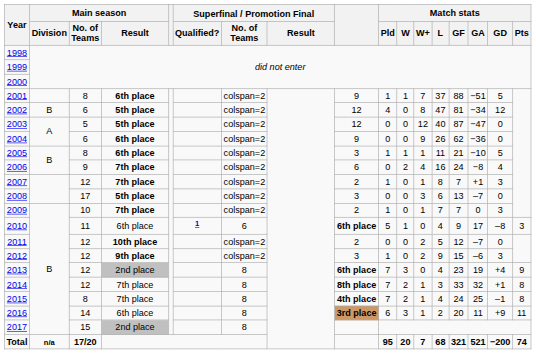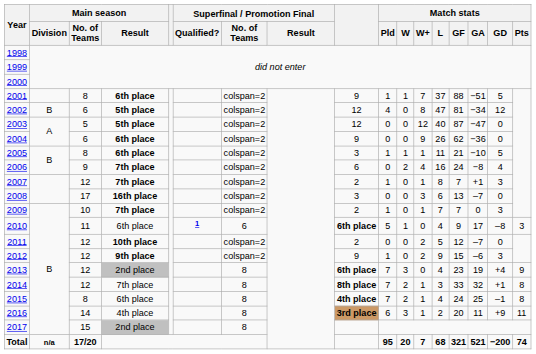 <table class="wikitable" style="text-align: center;font-size:90%; ">
 <tr>
 <th rowspan=2>Year</th>
 <th colspan=3>Main season</th>
 <th rowspan=2></th>
 <th colspan=3>Superfinal / Promotion Final<sup></sup></th>
 <th rowspan=2></th>
 <th colspan=8>Match stats</th>
 </tr>
 <tr>
 <th>Division</th>
 <th>No. of<br>Teams</th>
 <th width=100>Result</th>
 <th width=20>Qualified?</th>
 <th>No. of<br>Teams</th>
 <th width=100>Result</th>
 <th width=20>Pld</th>
 <th width=20>W</th>
 <th width=20>W+</th>
 <th width=20>L</th>
 <th width=20>GF</th>
 <th width=20>GA</th>
 <th width=20>GD</th>
 <th width=20>Pts</th>
 </tr>
 <tr>
 <td><a href='#'>1998</a></td>
 <td colspan=17 rowspan=3><em>did not enter</em></td>
 </tr>
 <tr>
 <td><a href='#'>1999</a></td>
 </tr>
 <tr>
 <td><a href='#'>2000</a></td>
 </tr>
 <tr>
 <td><a href='#'>2001</a></td>
 <td></td>
 <td>8</td>
 <td><strong>6th place</strong></td>
 <td rowspan=17></td>
 <td></td>
 <td>colspan=2 </td>
 <td rowspan=18></td>
 <td>9</td>
 <td>1</td>
 <td>1</td>
 <td>7</td>
 <td>37</td>
 <td>88</td>
 <td>−51</td>
 <td>5</td>
 </tr>
 <tr>
 <td><a href='#'>2002</a></td>
 <td>B</td>
 <td>6</td>
 <td><strong>5th place</strong></td>
 <td></td>
 <td>colspan=2 </td>
 <td>12</td>
 <td>4</td>
 <td>0</td>
 <td>8</td>
 <td>47</td>
 <td>81</td>
 <td>−34</td>
 <td>12</td>
 </tr>
 <tr>
 <td><a href='#'>2003</a></td>
 <td rowspan=2>A</td>
 <td>5</td>
 <td><strong>5th place</strong></td>
 <td></td>
 <td>colspan=2 </td>
 <td>12</td>
 <td>0</td>
 <td>0</td>
 <td>12</td>
 <td>40</td>
 <td>87</td>
 <td>−47</td>
 <td>0</td>
 </tr>
 <tr>
 <td><a href='#'>2004</a></td>
 <td>6</td>
 <td><strong>6th place</strong></td>
 <td></td>
 <td>colspan=2 </td>
 <td>9</td>
 <td>0</td>
 <td>0</td>
 <td>9</td>
 <td>26</td>
 <td>62</td>
 <td>−36</td>
 <td>0</td>
 </tr>
 <tr>
 <td><a href='#'>2005</a></td>
 <td rowspan=2>B</td>
 <td>8</td>
 <td><strong>6th place</strong></td>
 <td></td>
 <td>colspan=2 </td>
 <td>3</td>
 <td>1</td>
 <td>1</td>
 <td>1</td>
 <td>11</td>
 <td>21</td>
 <td>−10</td>
 <td>5</td>
 </tr>
 <tr>
 <td><a href='#'>2006</a></td>
 <td>9</td>
 <td><strong>7th place</strong></td>
 <td></td>
 <td>colspan=2 </td>
 <td>6</td>
 <td>0</td>
 <td>2</td>
 <td>4</td>
 <td>16</td>
 <td>24</td>
 <td>−8</td>
 <td>4</td>
 </tr>
 <tr>
 <td><a href='#'>2007</a></td>
 <td rowspan=2></td>
 <td>12</td>
 <td><strong>7th place</strong></td>
 <td></td>
 <td>colspan=2 </td>
 <td>2</td>
 <td>1</td>
 <td>0</td>
 <td>1</td>
 <td>8</td>
 <td>7</td>
 <td>+1</td>
 <td>3</td>
 </tr>
 <tr>
 <td><a href='#'>2008</a></td>
 <td>17</td>
-<td><strong>5th place</strong></td>
+<td><strong>16th place</strong></td>
 <td></td>
 <td>colspan=2 </td>
 <td>3</td>
 <td>0</td>
 <td>0</td>
 <td>3</td>
 <td>6</td>
 <td>13</td>
 <td>–7</td>
 <td>0</td>
 </tr>
 <tr>
 <td><a href='#'>2009</a></td>
 <td rowspan=9>B</td>
 <td>10</td>
 <td><strong>7th place</strong></td>
 <td></td>
 <td>colspan=2 </td>
 <td>2</td>
 <td>1</td>
 <td>0</td>
 <td>1</td>
 <td>7</td>
 <td>7</td>
 <td>0</td>
 <td>3</td>
 </tr>
 <tr>
 <td><a href='#'>2010</a></td>
 <td>11</td>
 <td>6th place</td>
 <td><sup><strong><a href='#'>1</a></strong></sup></td>
 <td>6</td>
 <td><strong>6th place</strong></td>
 <td>5</td>
 <td>1</td>
 <td>0</td>
 <td>4</td>
 <td>9</td>
 <td>17</td>
 <td>–8</td>
 <td>3</td>
 </tr>
 <tr>
 <td><a href='#'>2011</a></td>
 <td>12</td>
 <td><strong>10th place</strong></td>
 <td></td>
 <td>colspan=2 </td>
 <td>2</td>
 <td>0</td>
 <td>0</td>
 <td>2</td>
 <td>5</td>
 <td>12</td>
 <td>–7</td>
 <td>0</td>
 </tr>
 <tr>
 <td><a href='#'>2012</a></td>
 <td>12</td>
 <td><strong>9th place</strong></td>
 <td></td>
 <td>colspan=2 </td>
-<td>3</td>
+<td>9</td>
 <td>1</td>
 <td>0</td>
 <td>2</td>
 <td>9</td>
 <td>15</td>
 <td>–6</td>
 <td>3</td>
 </tr>
 <tr>
 <td><a href='#'>2013</a></td>
 <td>12</td>
 <td bgcolor=silver>2nd place</td>
 <td></td>
 <td>8</td>
 <td><strong>6th place</strong></td>
 <td>7</td>
 <td>3</td>
 <td>0</td>
 <td>4</td>
 <td>23</td>
 <td>19</td>
 <td>+4</td>
 <td>9</td>
 </tr>
 <tr>
 <td><a href='#'>2014</a></td>
 <td>12</td>
 <td>7th place</td>
 <td></td>
 <td>8</td>
 <td><strong>8th place</strong></td>
 <td>7</td>
 <td>2</td>
 <td>1</td>
 <td>3</td>
 <td>33</td>
 <td>32</td>
 <td>+1</td>
 <td>8</td>
 </tr>
 <tr>
 <td><a href='#'>2015</a></td>
 <td>8</td>
-<td>7th place</td>
+<td>6th place</td>
 <td></td>
 <td>8</td>
 <td><strong>4th place</strong></td>
 <td>7</td>
 <td>2</td>
 <td>1</td>
 <td>4</td>
 <td>24</td>
 <td>25</td>
 <td>–1</td>
 <td>8</td>
 </tr>
 <tr>
 <td><a href='#'>2016</a></td>
 <td>14</td>
-<td>6th place</td>
+<td>4th place</td>
 <td></td>
 <td>8</td>
 <td bgcolor=#c96><strong>3rd place</strong></td>
 <td>6</td>
 <td>3</td>
 <td>1</td>
 <td>2</td>
 <td>20</td>
 <td>11</td>
 <td>+9</td>
 <td>11</td>
 </tr>
 <tr>
 <td><a href='#'>2017</a></td>
 <td>15</td>
 <td bgcolor=silver>2nd place</td>
 <td></td>
 <td>8</td>
 <td></td>
 <td colspan=10></td>
 </tr>
 <tr>
 <td><strong>Total</strong></td>
 <td><strong><small>n/a</small></strong></td>
 <td><strong>17/20</strong></td>
 <td colspan=6></td>
 <td><strong>95</strong></td>
 <td><strong>20</strong></td>
 <td><strong>7</strong></td>
 <td><strong>68</strong></td>
 <td><strong>321</strong></td>
 <td><strong>521</strong></td>
 <td><strong>−200</strong></td>
 <td><strong>74</strong></td>
 </tr>
 </table>
